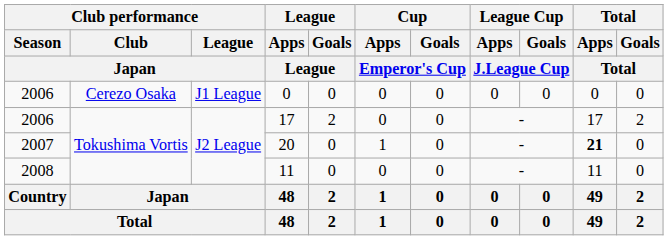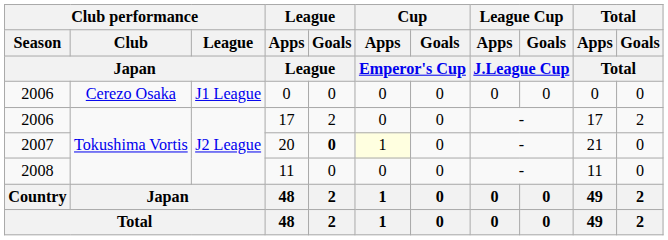 <table class="wikitable" style="text-align:center;">
 <tr>
 <th colspan=3>Club performance</th>
 <th colspan=2>League</th>
 <th colspan=2>Cup</th>
 <th colspan=2>League Cup</th>
 <th colspan=2>Total</th>
 </tr>
 <tr>
 <th>Season</th>
 <th>Club</th>
 <th>League</th>
 <th>Apps</th>
 <th>Goals</th>
 <th>Apps</th>
 <th>Goals</th>
 <th>Apps</th>
 <th>Goals</th>
 <th>Apps</th>
 <th>Goals</th>
 </tr>
 <tr>
 <th colspan=3>Japan</th>
 <th colspan=2>League</th>
 <th colspan=2><a href='#'>Emperor's Cup</a></th>
 <th colspan=2><a href='#'>J.League Cup</a></th>
 <th colspan=2>Total</th>
 </tr>
 <tr>
 <td>2006</td>
 <td><a href='#'>Cerezo Osaka</a></td>
 <td><a href='#'>J1 League</a></td>
 <td>0</td>
 <td>0</td>
 <td>0</td>
 <td>0</td>
 <td>0</td>
 <td>0</td>
 <td>0</td>
 <td>0</td>
 </tr>
 <tr>
 <td>2006</td>
 <td rowspan="3"><a href='#'>Tokushima Vortis</a></td>
 <td rowspan="3"><a href='#'>J2 League</a></td>
 <td>17</td>
 <td>2</td>
 <td>0</td>
 <td>0</td>
 <td colspan="2">-</td>
 <td>17</td>
 <td>2</td>
 </tr>
 <tr>
 <td>2007</td>
 <td>20</td>
-<td>0</td>
-<td>1</td>
+<td><strong>0</strong></td>
+<td style="background: lightyellow;">1</td>
 <td>0</td>
 <td colspan="2">-</td>
-<td><strong>21</strong></td>
+<td>21</td>
 <td>0</td>
 </tr>
 <tr>
 <td>2008</td>
 <td>11</td>
 <td>0</td>
 <td>0</td>
 <td>0</td>
 <td colspan="2">-</td>
 <td>11</td>
 <td>0</td>
 </tr>
 <tr>
 <th rowspan=1>Country</th>
 <th colspan=2>Japan</th>
 <th>48</th>
 <th>2</th>
 <th>1</th>
 <th>0</th>
 <th>0</th>
 <th>0</th>
 <th>49</th>
 <th>2</th>
 </tr>
 <tr>
 <th colspan=3>Total</th>
 <th>48</th>
 <th>2</th>
 <th>1</th>
 <th>0</th>
 <th>0</th>
 <th>0</th>
 <th>49</th>
 <th>2</th>
 </tr>
 </table>
